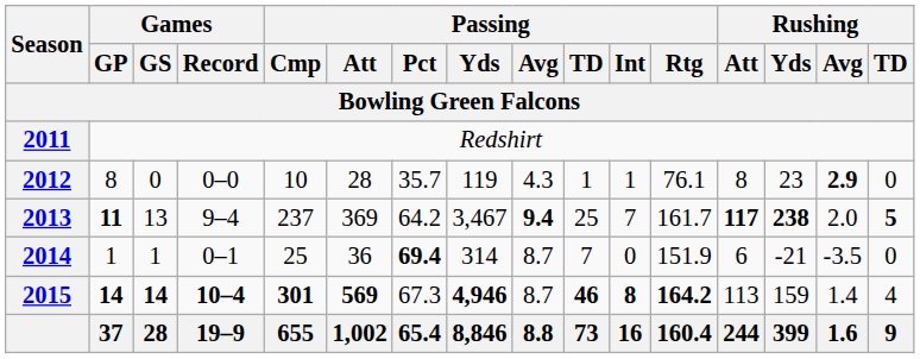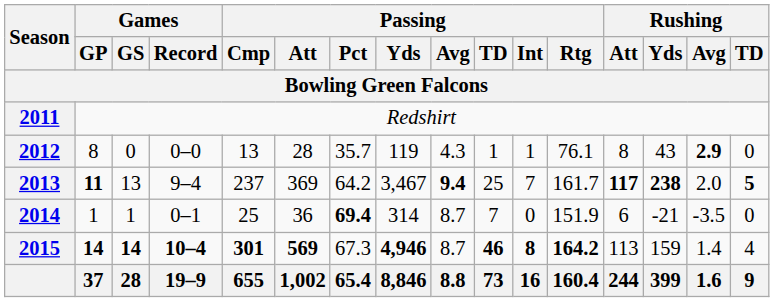 <table class="wikitable" style="text-align:center;">
 <tr>
 <th rowspan="2">Season</th>
 <th colspan="3">Games</th>
 <th colspan="8">Passing</th>
 <th colspan="4">Rushing</th>
 </tr>
 <tr>
 <th>GP</th>
 <th>GS</th>
 <th>Record</th>
 <th>Cmp</th>
 <th>Att</th>
 <th>Pct</th>
 <th>Yds</th>
 <th>Avg</th>
 <th>TD</th>
 <th>Int</th>
 <th>Rtg</th>
 <th>Att</th>
 <th>Yds</th>
 <th>Avg</th>
 <th>TD</th>
 </tr>
 <tr>
 <th colspan="16">Bowling Green Falcons</th>
 </tr>
 <tr>
 <th><a href='#'>2011</a></th>
 <td colspan="15"><em>Redshirt </em></td>
 </tr>
 <tr>
 <th><a href='#'>2012</a></th>
 <td>8</td>
 <td>0</td>
 <td>0–0</td>
-<td>10</td>
+<td>13</td>
 <td>28</td>
 <td>35.7</td>
 <td>119</td>
 <td>4.3</td>
 <td>1</td>
 <td>1</td>
 <td>76.1</td>
 <td>8</td>
-<td>23</td>
+<td>43</td>
 <td><strong>2.9</strong></td>
 <td>0</td>
 </tr>
 <tr>
 <th><a href='#'>2013</a></th>
 <td><strong>11</strong></td>
 <td>13</td>
 <td>9–4</td>
 <td>237</td>
 <td>369</td>
 <td>64.2</td>
 <td>3,467</td>
 <td><strong>9.4</strong></td>
 <td>25</td>
 <td>7</td>
 <td>161.7</td>
 <td><strong>117</strong></td>
 <td><strong>238</strong></td>
 <td>2.0</td>
 <td><strong>5</strong></td>
 </tr>
 <tr>
 <th><a href='#'>2014</a></th>
 <td>1</td>
 <td>1</td>
 <td>0–1</td>
 <td>25</td>
 <td>36</td>
 <td><strong>69.4</strong></td>
 <td>314</td>
 <td>8.7</td>
 <td>7</td>
 <td>0</td>
 <td>151.9</td>
 <td>6</td>
 <td>-21</td>
 <td>-3.5</td>
 <td>0</td>
 </tr>
 <tr>
 <th><a href='#'>2015</a></th>
 <td><strong>14</strong></td>
 <td><strong>14</strong></td>
 <td><strong>10–4</strong></td>
 <td><strong>301</strong></td>
 <td><strong>569</strong></td>
 <td>67.3</td>
 <td><strong>4,946</strong></td>
 <td>8.7</td>
 <td><strong>46</strong></td>
 <td><strong>8</strong></td>
 <td><strong>164.2</strong></td>
 <td>113</td>
 <td>159</td>
 <td>1.4</td>
 <td>4</td>
 </tr>
 <tr>
 <th></th>
 <th>37</th>
 <th>28</th>
 <th>19–9</th>
 <th>655</th>
 <th>1,002</th>
 <th>65.4</th>
 <th>8,846</th>
 <th>8.8</th>
 <th>73</th>
 <th>16</th>
 <th>160.4</th>
 <th>244</th>
 <th>399</th>
 <th>1.6</th>
 <th>9</th>
 </tr>
 </table>
